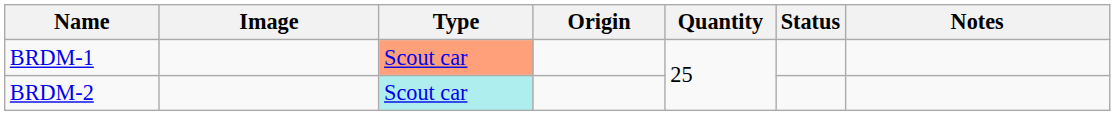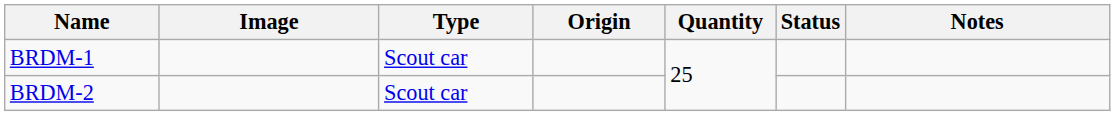 <table class="wikitable" style="width:90%;">
 <tr>
 <th width=14%>Name</th>
 <th width=20%>Image</th>
 <th width=14%>Type</th>
 <th width=12%>Origin</th>
 <th width=10%>Quantity</th>
 <th width=06%>Status</th>
 <th width=24%>Notes</th>
 </tr>
 <tr>
 <td><a href='#'>BRDM-1</a></td>
 <td></td>
-<td style="background: lightsalmon;"><a href='#'>Scout car</a></td>
+<td><a href='#'>Scout car</a></td>
 <td></td>
 <td rowspan="2">25</td>
 <td></td>
 <td></td>
 </tr>
 <tr>
 <td><a href='#'>BRDM-2</a></td>
 <td></td>
-<td style="background: paleturquoise;"><a href='#'>Scout car</a></td>
+<td><a href='#'>Scout car</a></td>
 <td></td>
 <td></td>
 <td></td>
 </tr>
 </table>
